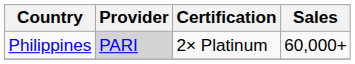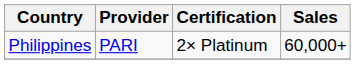 <table class="wikitable">
 <tr>
 <th>Country</th>
 <th>Provider</th>
 <th>Certification</th>
 <th>Sales</th>
 </tr>
 <tr>
 <td><a href='#'>Philippines</a></td>
-<td style="background: lightgrey;"><a href='#'>PARI</a></td>
+<td><a href='#'>PARI</a></td>
 <td>2× Platinum</td>
 <td>60,000+</td>
 </tr>
 <tr>
 </tr>
 </table>
